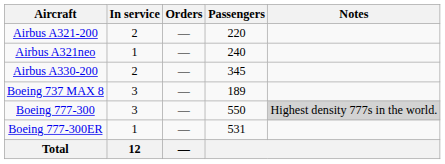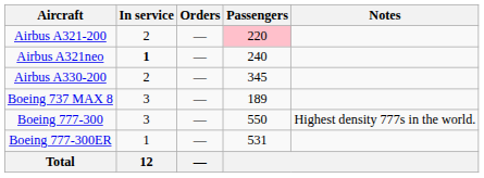 <table class="wikitable" style="margin:0.5em auto; text-align:center">
 <tr>
 <th>Aircraft</th>
 <th>In service</th>
 <th>Orders</th>
 <th>Passengers</th>
 <th>Notes</th>
 </tr>
 <tr>
 <td><a href='#'>Airbus A321-200</a></td>
 <td>2</td>
 <td>—</td>
-<td>220</td>
+<td style="background: pink;">220</td>
 <td></td>
 </tr>
 <tr>
 <td><a href='#'>Airbus A321neo</a></td>
-<td>1</td>
+<td><strong>1</strong></td>
 <td>—</td>
 <td>240</td>
 <td></td>
 </tr>
 <tr>
 <td><a href='#'>Airbus A330-200</a></td>
 <td>2</td>
 <td>—</td>
 <td>345</td>
 <td></td>
 </tr>
 <tr>
 <td><a href='#'>Boeing 737 MAX 8</a></td>
 <td>3</td>
 <td>—</td>
 <td>189</td>
 <td></td>
 </tr>
 <tr>
 <td><a href='#'>Boeing 777-300</a></td>
 <td>3</td>
 <td>—</td>
 <td>550</td>
-<td style="background: lightgrey;">Highest density 777s in the world.</td>
+<td>Highest density 777s in the world.</td>
 </tr>
 <tr>
 <td><a href='#'>Boeing 777-300ER</a></td>
 <td>1</td>
 <td>—</td>
 <td>531</td>
 <td></td>
 </tr>
 <tr>
 <th>Total</th>
 <th>12</th>
 <th>—</th>
 <th colspan="2"></th>
 </tr>
 </table>
